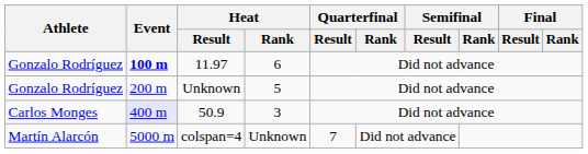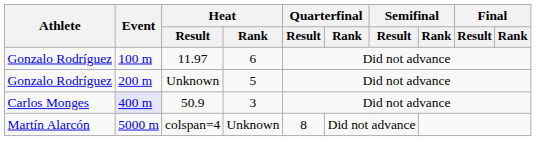 <table class="wikitable" style="font-size:90%">
 <tr>
 <th rowspan="2">Athlete</th>
 <th rowspan="2">Event</th>
 <th colspan="2">Heat</th>
 <th colspan="2">Quarterfinal</th>
 <th colspan="2">Semifinal</th>
 <th colspan="2">Final</th>
 </tr>
 <tr style="font-size:95%">
 <th>Result</th>
 <th>Rank</th>
 <th>Result</th>
 <th>Rank</th>
 <th>Result</th>
 <th>Rank</th>
 <th>Result</th>
 <th>Rank</th>
 </tr>
 <tr align=center>
 <td align="left"><a href='#'>Gonzalo Rodríguez</a></td>
-<td align="left"><strong><a href='#'>100 m</a></strong></td>
+<td align="left"><a href='#'>100 m</a></td>
 <td>11.97</td>
 <td>6</td>
 <td colspan=6>Did not advance</td>
 </tr>
 <tr align=center>
 <td align="left"><a href='#'>Gonzalo Rodríguez</a></td>
 <td align="left"><a href='#'>200 m</a></td>
 <td>Unknown</td>
 <td>5</td>
 <td colspan=6>Did not advance</td>
 </tr>
 <tr align=center>
 <td align="left"><a href='#'>Carlos Monges</a></td>
 <td align="left" style="background: lavender;"><a href='#'>400 m</a></td>
 <td>50.9</td>
 <td>3</td>
 <td colspan=6>Did not advance</td>
 </tr>
 <tr align=center>
 <td align="left"><a href='#'>Martín Alarcón</a></td>
 <td align="left"><a href='#'>5000 m</a></td>
 <td>colspan=4 </td>
 <td>Unknown</td>
-<td>7</td>
+<td>8</td>
 <td colspan=2>Did not advance</td>
 </tr>
 </table>
